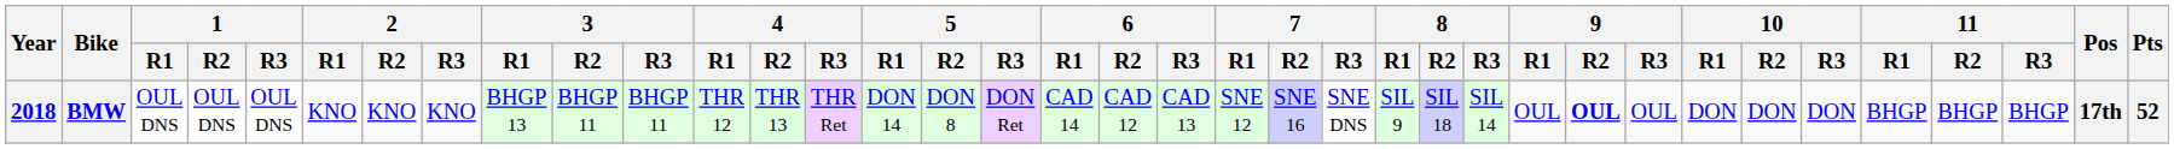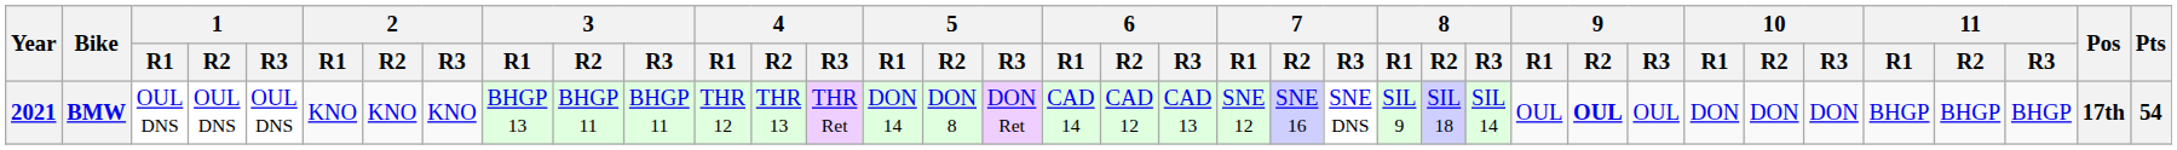 <table class="wikitable" style="text-align:center; font-size:90%">
 <tr>
 <th valign="middle" rowspan=2>Year</th>
 <th valign="middle" rowspan=2>Bike</th>
 <th colspan=3>1</th>
 <th colspan=3>2</th>
 <th colspan=3>3</th>
 <th colspan=3>4</th>
 <th colspan=3>5</th>
 <th colspan=3>6</th>
 <th colspan=3>7</th>
 <th colspan=3>8</th>
 <th colspan=3>9</th>
 <th colspan=3>10</th>
 <th colspan=3>11</th>
 <th rowspan=2>Pos</th>
 <th rowspan=2>Pts</th>
 </tr>
 <tr>
 <th>R1</th>
 <th>R2</th>
 <th>R3</th>
 <th>R1</th>
 <th>R2</th>
 <th>R3</th>
 <th>R1</th>
 <th>R2</th>
 <th>R3</th>
 <th>R1</th>
 <th>R2</th>
 <th>R3</th>
 <th>R1</th>
 <th>R2</th>
 <th>R3</th>
 <th>R1</th>
 <th>R2</th>
 <th>R3</th>
 <th>R1</th>
 <th>R2</th>
 <th>R3</th>
 <th>R1</th>
 <th>R2</th>
 <th>R3</th>
 <th>R1</th>
 <th>R2</th>
 <th>R3</th>
 <th>R1</th>
 <th>R2</th>
 <th>R3</th>
 <th>R1</th>
 <th>R2</th>
 <th>R3</th>
 </tr>
 <tr>
-<th><a href='#'>2018</a></th>
+<th><a href='#'>2021</a></th>
 <th><a href='#'>BMW</a></th>
 <td style="background:#FFFFFF;"><a href='#'>OUL</a><br><small>DNS</small></td>
 <td style="background:#FFFFFF;"><a href='#'>OUL</a><br><small>DNS</small></td>
 <td style="background:#FFFFFF;"><a href='#'>OUL</a><br><small>DNS</small></td>
 <td><a href='#'>KNO</a></td>
 <td><a href='#'>KNO</a></td>
 <td><a href='#'>KNO</a></td>
 <td style="background:#dfffdf;"><a href='#'>BHGP</a><br><small>13</small></td>
 <td style="background:#dfffdf;"><a href='#'>BHGP</a><br><small>11</small></td>
 <td style="background:#dfffdf;'"><a href='#'>BHGP</a><br><small>11</small></td>
 <td style="background:#DFFFDF;"><a href='#'>THR</a><br><small>12</small></td>
 <td style="background:#dfffdf;"><a href='#'>THR</a><br><small>13</small></td>
 <td style="background:#efcfff;"><a href='#'>THR</a><br><small>Ret</small></td>
 <td style="background:#dfffdf;"><a href='#'>DON</a><br><small>14</small></td>
 <td style="background:#dfffdf;"><a href='#'>DON</a><br><small>8</small></td>
 <td style="background:#EFCFFF;"><a href='#'>DON</a><br><small>Ret</small></td>
 <td style="background:#dfffdf;"><a href='#'>CAD</a><br><small>14</small></td>
 <td style="background:#dfffdf;"><a href='#'>CAD</a><br><small>12</small></td>
 <td style="background:#dfffdf;"><a href='#'>CAD</a><br><small>13</small></td>
 <td style="background:#dfffdf;"><a href='#'>SNE</a><br><small>12</small></td>
 <td style="background:#cfcfff;"><a href='#'>SNE</a><br><small>16</small></td>
 <td style="background:#ffffff;"><a href='#'>SNE</a><br><small>DNS</small></td>
 <td style="background:#dfffdf;"><a href='#'>SIL</a><br><small>9</small></td>
 <td style="background:#cfcfff;"><a href='#'>SIL</a><br><small>18</small></td>
 <td style="background:#dfffdf;"><a href='#'>SIL</a><br><small>14</small></td>
 <td><a href='#'>OUL</a></td>
 <td><strong><a href='#'>OUL</a></strong></td>
 <td><a href='#'>OUL</a></td>
 <td><a href='#'>DON</a></td>
 <td><a href='#'>DON</a></td>
 <td><a href='#'>DON</a></td>
 <td><a href='#'>BHGP</a></td>
 <td><a href='#'>BHGP</a></td>
 <td><a href='#'>BHGP</a></td>
 <th>17th</th>
-<th>52</th>
+<th>54</th>
 </tr>
 </table>
